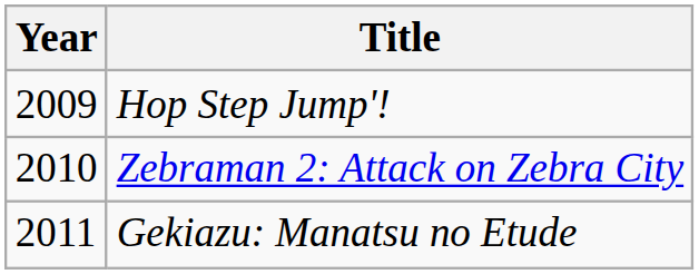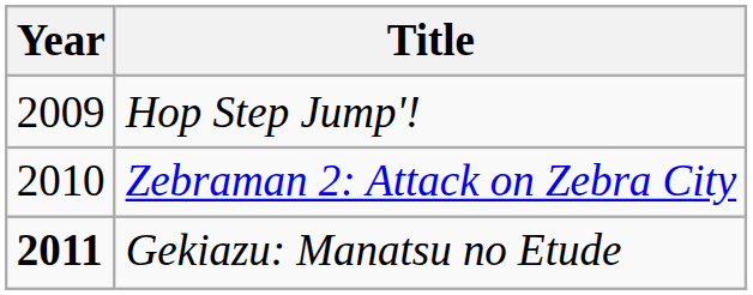 <table class="wikitable">
 <tr>
 <th>Year</th>
 <th>Title</th>
 </tr>
 <tr>
 <td>2009</td>
 <td><em>Hop Step Jump'!</em></td>
 </tr>
 <tr>
 <td>2010</td>
 <td><em><a href='#'>Zebraman 2: Attack on Zebra City</a></em></td>
 </tr>
 <tr>
-<td>2011</td>
+<td><strong>2011</strong></td>
 <td><em>Gekiazu: Manatsu no Etude</em></td>
 </tr>
 </table>
